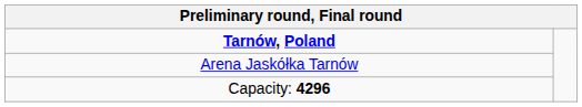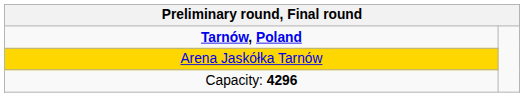 <table class=wikitable style="text-align:center; width:600px">
 <tr>
 <th colspan=2 width=50%>Preliminary round, Final round</th>
 </tr>
 <tr>
 <td><strong> <a href='#'>Tarnów</a>, <a href='#'>Poland</a></strong></td>
 <td rowspan=3></td>
 </tr>
 <tr>
-<td><a href='#'>Arena Jaskółka Tarnów</a></td>
+<td style="background: gold;"><a href='#'>Arena Jaskółka Tarnów</a></td>
 </tr>
 <tr>
 <td>Capacity: <strong>4296</strong></td>
 </tr>
 </table>
